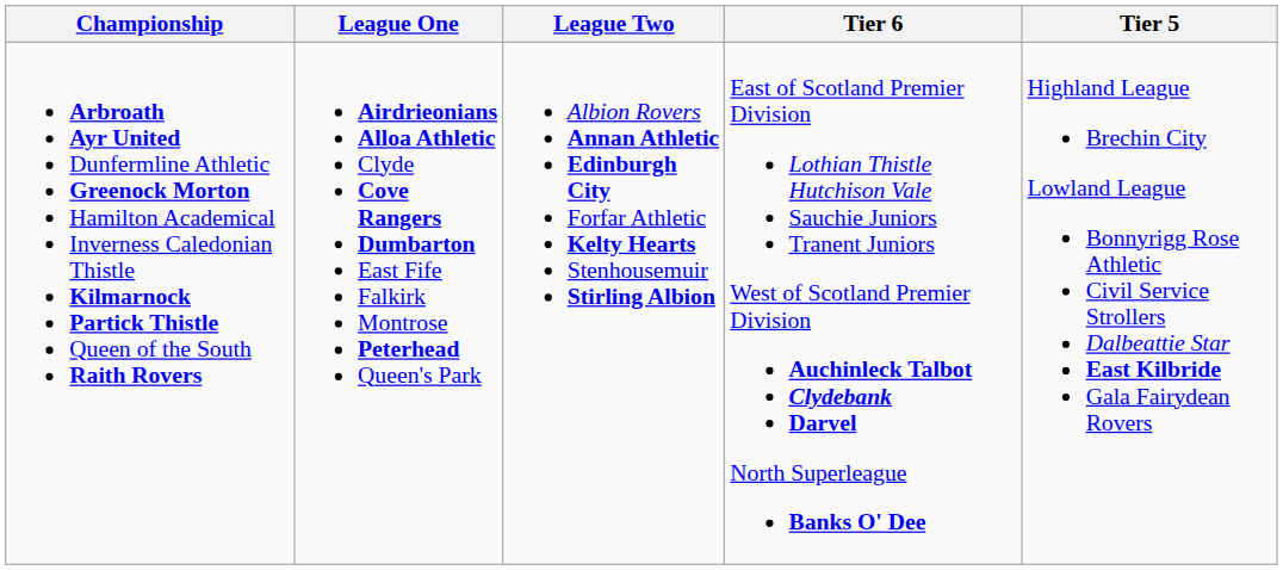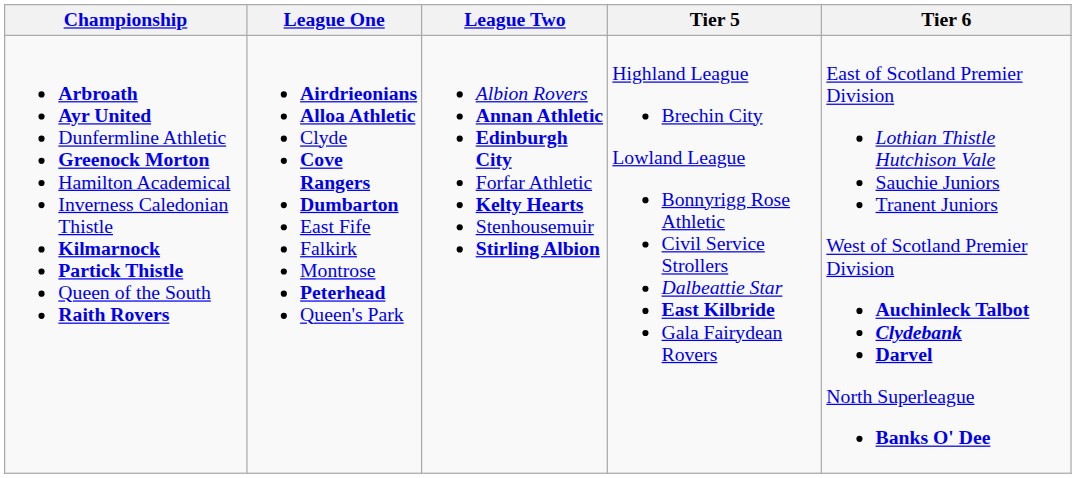 <table class="wikitable" style="text-align:left">
 <tr>
 <th><a href='#'>Championship</a></th>
 <th><a href='#'>League One</a></th>
 <th><a href='#'>League Two</a></th>
+<th>Tier 5</th>
 <th>Tier 6</th>
-<th>Tier 5</th>
 </tr>
 <tr>
 <td valign=top><br><ul><li><strong><a href='#'>Arbroath</a></strong></li><li><strong><a href='#'>Ayr United</a></strong></li><li><a href='#'>Dunfermline Athletic</a></li><li><strong><a href='#'>Greenock Morton</a></strong></li><li><a href='#'>Hamilton Academical</a></li><li><a href='#'>Inverness Caledonian Thistle</a></li><li><strong><a href='#'>Kilmarnock</a></strong></li><li><strong><a href='#'>Partick Thistle</a></strong></li><li><a href='#'>Queen of the South</a></li><li><strong><a href='#'>Raith Rovers</a></strong></li></ul></td>
 <td valign=top><br><ul><li><strong><a href='#'>Airdrieonians</a></strong></li><li><strong><a href='#'>Alloa Athletic</a></strong></li><li><a href='#'>Clyde</a></li><li><strong><a href='#'>Cove Rangers</a></strong></li><li><strong><a href='#'>Dumbarton</a></strong></li><li><a href='#'>East Fife</a></li><li><a href='#'>Falkirk</a></li><li><a href='#'>Montrose</a></li><li><strong><a href='#'>Peterhead</a></strong></li><li><a href='#'>Queen's Park</a></li></ul></td>
 <td valign=top><br><ul><li><em><a href='#'>Albion Rovers</a></em></li><li><strong><a href='#'>Annan Athletic</a></strong></li><li><strong><a href='#'>Edinburgh City</a></strong></li><li><a href='#'>Forfar Athletic</a></li><li><strong><a href='#'>Kelty Hearts</a></strong></li><li><a href='#'>Stenhousemuir</a></li><li><strong><a href='#'>Stirling Albion</a></strong></li></ul></td>
+<td valign=top><br><a href='#'>Highland League</a><ul><li><a href='#'>Brechin City</a></li></ul><a href='#'>Lowland League</a><ul><li><a href='#'>Bonnyrigg Rose Athletic</a></li><li><a href='#'>Civil Service Strollers</a></li><li><em><a href='#'>Dalbeattie Star</a></em></li><li><strong><a href='#'>East Kilbride</a></strong></li><li><a href='#'>Gala Fairydean Rovers</a></li></ul></td>
 <td valign=top><br><a href='#'>East of Scotland Premier Division</a><ul><li><em><a href='#'>Lothian Thistle Hutchison Vale</a></em></li><li><a href='#'>Sauchie Juniors</a></li><li><a href='#'>Tranent Juniors</a></li></ul><a href='#'>West of Scotland Premier Division</a><ul><li><strong><a href='#'>Auchinleck Talbot</a></strong></li><li><strong><em><a href='#'>Clydebank</a></em></strong></li><li><strong><a href='#'>Darvel</a></strong></li></ul><a href='#'>North Superleague</a><ul><li><strong><a href='#'>Banks O' Dee</a></strong></li></ul></td>
-<td valign=top><br><a href='#'>Highland League</a><ul><li><a href='#'>Brechin City</a></li></ul><a href='#'>Lowland League</a><ul><li><a href='#'>Bonnyrigg Rose Athletic</a></li><li><a href='#'>Civil Service Strollers</a></li><li><em><a href='#'>Dalbeattie Star</a></em></li><li><strong><a href='#'>East Kilbride</a></strong></li><li><a href='#'>Gala Fairydean Rovers</a></li></ul></td>
 </tr>
 </table>
